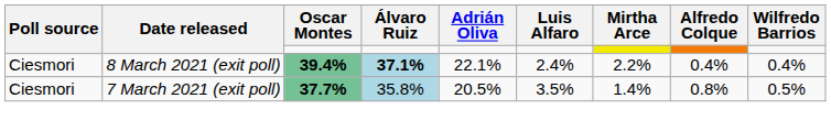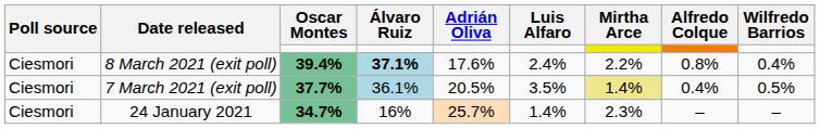 <table class="wikitable" style="text-align:center;font-size:90%;line-height:14px;">
 <tr>
 <th rowspan="2">Poll source</th>
 <th rowspan="2">Date released</th>
 <th style="width:60px">Oscar Montes</th>
 <th style="width:60px">Álvaro Ruiz</th>
 <th style="width:60px"><a href='#'>Adrián Oliva</a></th>
 <th style="width:60px">Luis Alfaro</th>
 <th style="width:60px">Mirtha Arce</th>
 <th style="width:60px">Alfredo Colque</th>
 <th style="width:60px">Wilfredo Barrios</th>
 </tr>
 <tr>
 <td style="background:"></td>
 <td style="background:"></td>
 <td style="background:"></td>
 <td style="background:"></td>
 <td style="background:#F2EA01;"></td>
 <td style="background:#F67B04;"></td>
 <td style="background:"></td>
 </tr>
 <tr>
 <td style="text-align:left;">Ciesmori</td>
 <td><em>8 March 2021 (exit poll)</em></td>
 <td style="background:#74C195"><strong>39.4%</strong></td>
 <td style="background:lightblue"><strong>37.1%</strong></td>
-<td>22.1%</td>
+<td>17.6%</td>
 <td>2.4%</td>
 <td>2.2%</td>
-<td>0.4%</td>
+<td>0.8%</td>
 <td>0.4%</td>
 </tr>
 <tr>
 <td style="text-align:left;">Ciesmori</td>
 <td><em>7 March 2021 (exit poll)</em></td>
 <td style="background:#74C195"><strong>37.7%</strong></td>
-<td style="background:lightblue">35.8%</td>
+<td style="background:lightblue">36.1%</td>
 <td>20.5%</td>
 <td>3.5%</td>
-<td>1.4%</td>
-<td>0.8%</td>
+<td style="background: khaki;">1.4%</td>
+<td>0.4%</td>
 <td>0.5%</td>
 </tr>
+<tr>
+<td style="text-align:left;">Ciesmori</td>
+<td>24 January 2021</td>
+<td style="background:#74C195"><strong>34.7%</strong></td>
+<td>16%</td>
+<td style="background:#FDDCB8">25.7%</td>
+<td>1.4%</td>
+<td>2.3%</td>
+<td>–</td>
+<td>–</td>
+</tr>
 </table>
